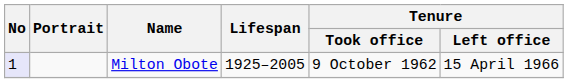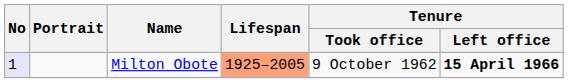 <table class="wikitable">
 <tr>
 <th scope="col" rowspan="2">No</th>
 <th scope="col" rowspan="2">Portrait</th>
 <th scope="col" rowspan="2">Name</th>
 <th scope="col" rowspan="2">Lifespan</th>
 <th scope="col" colspan="2">Tenure</th>
 </tr>
 <tr>
 <th scope="col">Took office</th>
 <th scope="col">Left office</th>
 </tr>
 <tr>
 <td style="background: lavender;">1</td>
 <td></td>
 <td><a href='#'>Milton Obote</a></td>
-<td>1925–2005</td>
+<td style="background: lightsalmon;">1925–2005</td>
 <td>9 October 1962</td>
-<td>15 April 1966</td>
+<td><strong>15 April 1966</strong></td>
 </tr>
 <tr>
 </tr>
 </table>
